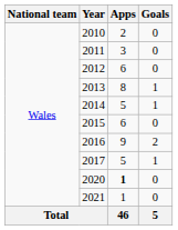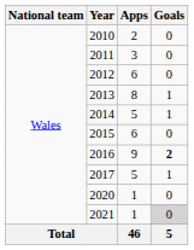 <table class="wikitable" style="text-align:center">
 <tr>
 <th>National team</th>
 <th>Year</th>
 <th>Apps</th>
 <th>Goals</th>
 </tr>
 <tr>
 <td rowspan="10"><a href='#'>Wales</a></td>
 <td>2010</td>
 <td>2</td>
 <td>0</td>
 </tr>
 <tr>
 <td>2011</td>
 <td>3</td>
 <td>0</td>
 </tr>
 <tr>
 <td>2012</td>
 <td>6</td>
 <td>0</td>
 </tr>
 <tr>
 <td>2013</td>
 <td>8</td>
 <td>1</td>
 </tr>
 <tr>
 <td>2014</td>
 <td>5</td>
 <td>1</td>
 </tr>
 <tr>
 <td>2015</td>
 <td>6</td>
 <td>0</td>
 </tr>
 <tr>
 <td>2016</td>
 <td>9</td>
-<td>2</td>
+<td><strong>2</strong></td>
 </tr>
 <tr>
 <td>2017</td>
 <td>5</td>
 <td>1</td>
 </tr>
 <tr>
 <td>2020</td>
-<td><strong>1</strong></td>
+<td>1</td>
 <td>0</td>
 </tr>
 <tr>
 <td>2021</td>
 <td>1</td>
-<td>0</td>
+<td style="background: lightgrey;">0</td>
 </tr>
 <tr>
 <th colspan="2">Total</th>
 <th>46</th>
 <th>5</th>
 </tr>
 </table>
